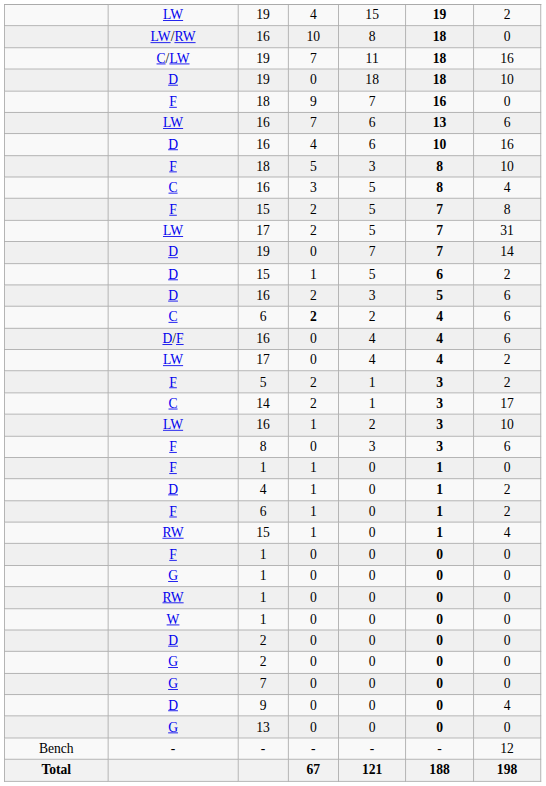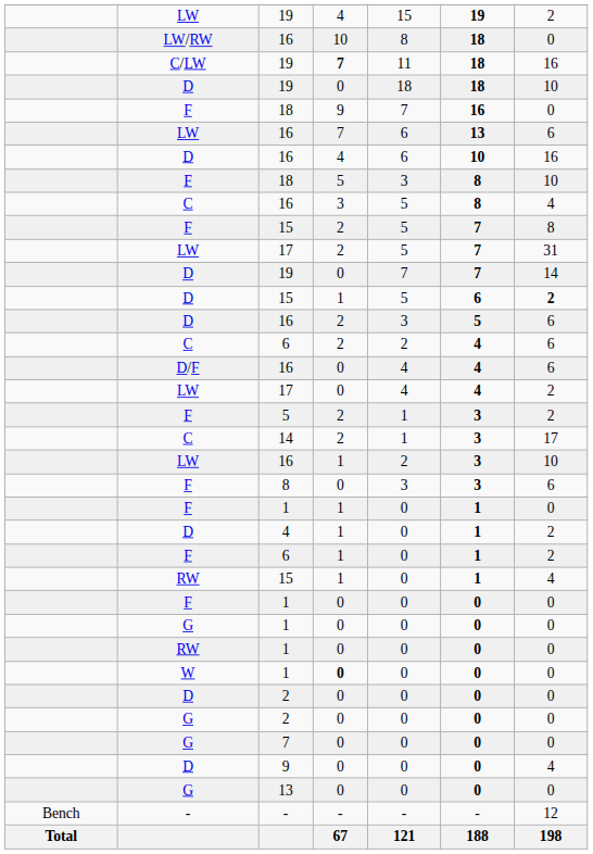 <table class="wikitable sortable" width ="50%">
 <tr align="center">
 </tr>
 <tr align="center" bgcolor="">
 <td></td>
 <td><a href='#'>LW</a></td>
 <td>19</td>
 <td>4</td>
 <td>15</td>
 <td><strong>19</strong></td>
 <td>2</td>
 </tr>
 <tr align="center" bgcolor="f0f0f0">
 <td></td>
 <td><a href='#'>LW</a>/<a href='#'>RW</a></td>
 <td>16</td>
 <td>10</td>
 <td>8</td>
 <td><strong>18</strong></td>
 <td>0</td>
 </tr>
 <tr align="center" bgcolor="">
 <td></td>
 <td><a href='#'>C</a>/<a href='#'>LW</a></td>
 <td>19</td>
-<td>7</td>
+<td><strong>7</strong></td>
 <td>11</td>
 <td><strong>18</strong></td>
 <td>16</td>
 </tr>
 <tr align="center" bgcolor="f0f0f0">
 <td></td>
 <td><a href='#'>D</a></td>
 <td>19</td>
 <td>0</td>
 <td>18</td>
 <td><strong>18</strong></td>
 <td>10</td>
 </tr>
 <tr align="center" bgcolor="">
 <td></td>
 <td><a href='#'>F</a></td>
 <td>18</td>
 <td>9</td>
 <td>7</td>
 <td><strong>16</strong></td>
 <td>0</td>
 </tr>
 <tr align="center" bgcolor="f0f0f0">
 <td></td>
 <td><a href='#'>LW</a></td>
 <td>16</td>
 <td>7</td>
 <td>6</td>
 <td><strong>13</strong></td>
 <td>6</td>
 </tr>
 <tr align="center" bgcolor="">
 <td></td>
 <td><a href='#'>D</a></td>
 <td>16</td>
 <td>4</td>
 <td>6</td>
 <td><strong>10</strong></td>
 <td>16</td>
 </tr>
 <tr align="center" bgcolor="f0f0f0">
 <td></td>
 <td><a href='#'>F</a></td>
 <td>18</td>
 <td>5</td>
 <td>3</td>
 <td><strong>8</strong></td>
 <td>10</td>
 </tr>
 <tr align="center" bgcolor="">
 <td></td>
 <td><a href='#'>C</a></td>
 <td>16</td>
 <td>3</td>
 <td>5</td>
 <td><strong>8</strong></td>
 <td>4</td>
 </tr>
 <tr align="center" bgcolor="f0f0f0">
 <td></td>
 <td><a href='#'>F</a></td>
 <td>15</td>
 <td>2</td>
 <td>5</td>
 <td><strong>7</strong></td>
 <td>8</td>
 </tr>
 <tr align="center" bgcolor="">
 <td></td>
 <td><a href='#'>LW</a></td>
 <td>17</td>
 <td>2</td>
 <td>5</td>
 <td><strong>7</strong></td>
 <td>31</td>
 </tr>
 <tr align="center" bgcolor="f0f0f0">
 <td></td>
 <td><a href='#'>D</a></td>
 <td>19</td>
 <td>0</td>
 <td>7</td>
 <td><strong>7</strong></td>
 <td>14</td>
 </tr>
 <tr align="center" bgcolor="">
 <td></td>
 <td><a href='#'>D</a></td>
 <td>15</td>
 <td>1</td>
 <td>5</td>
 <td><strong>6</strong></td>
-<td>2</td>
+<td><strong>2</strong></td>
 </tr>
 <tr align="center" bgcolor="f0f0f0">
 <td></td>
 <td><a href='#'>D</a></td>
 <td>16</td>
 <td>2</td>
 <td>3</td>
 <td><strong>5</strong></td>
 <td>6</td>
 </tr>
 <tr align="center" bgcolor="">
 <td></td>
 <td><a href='#'>C</a></td>
 <td>6</td>
-<td><strong>2</strong></td>
+<td>2</td>
 <td>2</td>
 <td><strong>4</strong></td>
 <td>6</td>
 </tr>
 <tr align="center" bgcolor="f0f0f0">
 <td></td>
 <td><a href='#'>D</a>/<a href='#'>F</a></td>
 <td>16</td>
 <td>0</td>
 <td>4</td>
 <td><strong>4</strong></td>
 <td>6</td>
 </tr>
 <tr align="center" bgcolor="">
 <td></td>
 <td><a href='#'>LW</a></td>
 <td>17</td>
 <td>0</td>
 <td>4</td>
 <td><strong>4</strong></td>
 <td>2</td>
 </tr>
 <tr align="center" bgcolor="f0f0f0">
 <td></td>
 <td><a href='#'>F</a></td>
 <td>5</td>
 <td>2</td>
 <td>1</td>
 <td><strong>3</strong></td>
 <td>2</td>
 </tr>
 <tr align="center" bgcolor="">
 <td></td>
 <td><a href='#'>C</a></td>
 <td>14</td>
 <td>2</td>
 <td>1</td>
 <td><strong>3</strong></td>
 <td>17</td>
 </tr>
 <tr align="center" bgcolor="f0f0f0">
 <td></td>
 <td><a href='#'>LW</a></td>
 <td>16</td>
 <td>1</td>
 <td>2</td>
 <td><strong>3</strong></td>
 <td>10</td>
 </tr>
 <tr align="center" bgcolor="">
 <td></td>
 <td><a href='#'>F</a></td>
 <td>8</td>
 <td>0</td>
 <td>3</td>
 <td><strong>3</strong></td>
 <td>6</td>
 </tr>
 <tr align="center" bgcolor="f0f0f0">
 <td></td>
 <td><a href='#'>F</a></td>
 <td>1</td>
 <td>1</td>
 <td>0</td>
 <td><strong>1</strong></td>
 <td>0</td>
 </tr>
 <tr align="center" bgcolor="">
 <td></td>
 <td><a href='#'>D</a></td>
 <td>4</td>
 <td>1</td>
 <td>0</td>
 <td><strong>1</strong></td>
 <td>2</td>
 </tr>
 <tr align="center" bgcolor="f0f0f0">
 <td></td>
 <td><a href='#'>F</a></td>
 <td>6</td>
 <td>1</td>
 <td>0</td>
 <td><strong>1</strong></td>
 <td>2</td>
 </tr>
 <tr align="center" bgcolor="">
 <td></td>
 <td><a href='#'>RW</a></td>
 <td>15</td>
 <td>1</td>
 <td>0</td>
 <td><strong>1</strong></td>
 <td>4</td>
 </tr>
 <tr align="center" bgcolor="f0f0f0">
 <td></td>
 <td><a href='#'>F</a></td>
 <td>1</td>
 <td>0</td>
 <td>0</td>
 <td><strong>0</strong></td>
 <td>0</td>
 </tr>
 <tr align="center" bgcolor="">
 <td></td>
 <td><a href='#'>G</a></td>
 <td>1</td>
 <td>0</td>
 <td>0</td>
 <td><strong>0</strong></td>
 <td>0</td>
 </tr>
 <tr align="center" bgcolor="f0f0f0">
 <td></td>
 <td><a href='#'>RW</a></td>
 <td>1</td>
 <td>0</td>
 <td>0</td>
 <td><strong>0</strong></td>
 <td>0</td>
 </tr>
 <tr align="center" bgcolor="">
 <td></td>
 <td><a href='#'>W</a></td>
 <td>1</td>
-<td>0</td>
+<td><strong>0</strong></td>
 <td>0</td>
 <td><strong>0</strong></td>
 <td>0</td>
 </tr>
 <tr align="center" bgcolor="f0f0f0">
 <td></td>
 <td><a href='#'>D</a></td>
 <td>2</td>
 <td>0</td>
 <td>0</td>
 <td><strong>0</strong></td>
 <td>0</td>
 </tr>
 <tr align="center" bgcolor="">
 <td></td>
 <td><a href='#'>G</a></td>
 <td>2</td>
 <td>0</td>
 <td>0</td>
 <td><strong>0</strong></td>
 <td>0</td>
 </tr>
 <tr align="center" bgcolor="f0f0f0">
 <td></td>
 <td><a href='#'>G</a></td>
 <td>7</td>
 <td>0</td>
 <td>0</td>
 <td><strong>0</strong></td>
 <td>0</td>
 </tr>
 <tr align="center" bgcolor="">
 <td></td>
 <td><a href='#'>D</a></td>
 <td>9</td>
 <td>0</td>
 <td>0</td>
 <td><strong>0</strong></td>
 <td>4</td>
 </tr>
 <tr align="center" bgcolor="f0f0f0">
 <td></td>
 <td><a href='#'>G</a></td>
 <td>13</td>
 <td>0</td>
 <td>0</td>
 <td><strong>0</strong></td>
 <td>0</td>
 </tr>
 <tr align="center" bgcolor="">
 <td>Bench</td>
 <td>-</td>
 <td>-</td>
 <td>-</td>
 <td>-</td>
 <td>-</td>
 <td>12</td>
 </tr>
 <tr>
 <th>Total</th>
 <th></th>
 <th></th>
 <th>67</th>
 <th>121</th>
 <th>188</th>
 <th>198</th>
 </tr>
 </table>
